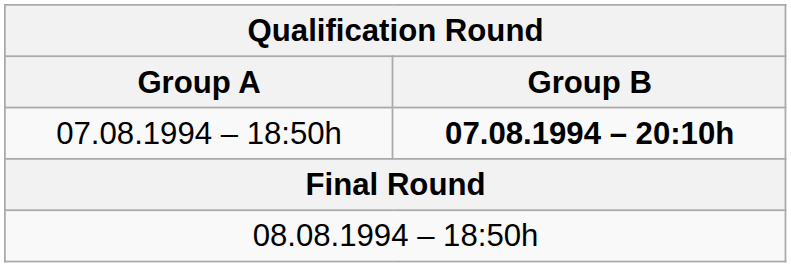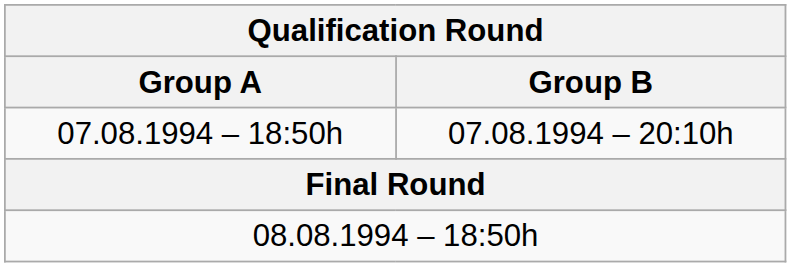 <table class="wikitable" style=" text-align:center; font-size:110%;" width="35%">
 <tr>
 <th colspan="2">Qualification Round</th>
 </tr>
 <tr>
 <th>Group A</th>
 <th>Group B</th>
 </tr>
 <tr>
 <td>07.08.1994 – 18:50h</td>
-<td><strong>07.08.1994 – 20:10h</strong></td>
+<td>07.08.1994 – 20:10h</td>
 </tr>
 <tr>
 <th colspan="2">Final Round</th>
 </tr>
 <tr>
 <td colspan="2">08.08.1994 – 18:50h</td>
 </tr>
 </table>
